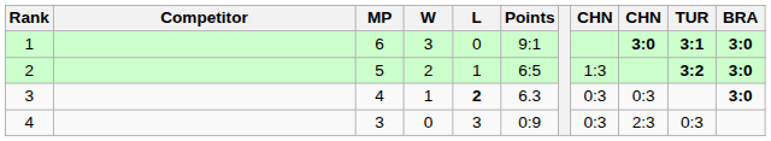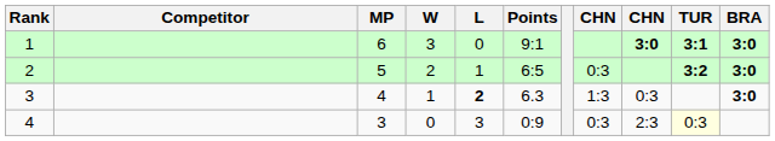 <table class="wikitable" style="text-align:center">
 <tr>
 <th>Rank</th>
 <th style="width:18em">Competitor</th>
 <th style="width:2.5em">MP</th>
 <th style="width:2.5em">W</th>
 <th style="width:2.5em">L</th>
 <th>Points</th>
 <th rowspan="5"> </th>
 <th style="width:2.5em">CHN</th>
 <th style="width:2.5em">CHN</th>
 <th style="width:2.5em">TUR</th>
 <th style="width:2.5em">BRA</th>
 </tr>
 <tr style="background:#cfc;">
 <td>1</td>
 <td style="text-align:left"></td>
 <td>6</td>
 <td>3</td>
 <td>0</td>
 <td>9:1</td>
 <td></td>
 <td><strong>3:0</strong></td>
 <td><strong>3:1</strong></td>
 <td><strong>3:0</strong></td>
 </tr>
 <tr style="background:#cfc;">
 <td>2</td>
 <td style="text-align:left"></td>
 <td>5</td>
 <td>2</td>
 <td>1</td>
 <td>6:5</td>
-<td>1:3</td>
+<td>0:3</td>
 <td></td>
 <td><strong>3:2</strong></td>
 <td><strong>3:0</strong></td>
 </tr>
 <tr>
 <td>3</td>
 <td style="text-align:left"></td>
 <td>4</td>
 <td>1</td>
 <td><strong>2</strong></td>
 <td>6.3</td>
-<td>0:3</td>
+<td>1:3</td>
 <td>0:3</td>
 <td></td>
 <td><strong>3:0</strong></td>
 </tr>
 <tr>
 <td>4</td>
 <td style="text-align:left"></td>
 <td>3</td>
 <td>0</td>
 <td>3</td>
 <td>0:9</td>
 <td>0:3</td>
 <td>2:3</td>
-<td>0:3</td>
+<td style="background: lightyellow;">0:3</td>
 <td></td>
 </tr>
 </table>
